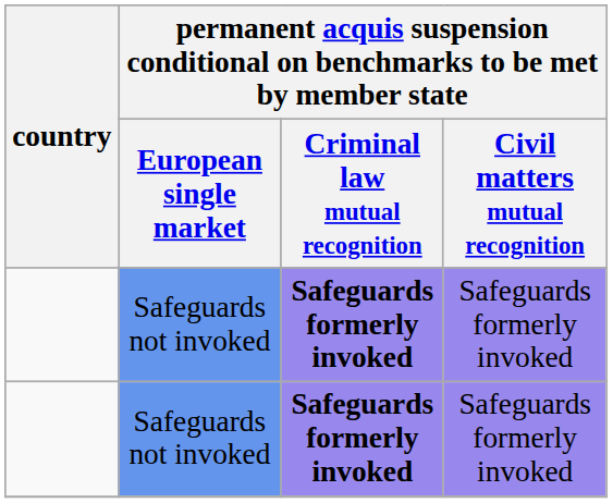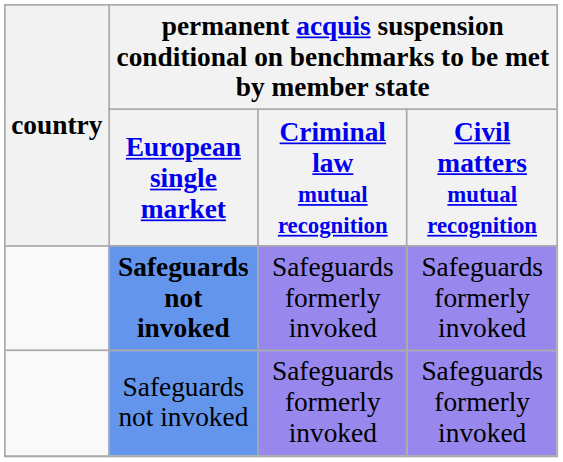 <table class="wikitable" style="text-align: center">
 <tr>
 <th rowspan="2">country</th>
 <th colspan="4">permanent <a href='#'>acquis</a> suspension conditional on benchmarks to be met by member state</th>
 </tr>
 <tr>
 <th width=80px><a href='#'>European single market</a></th>
 <th width=80px><a href='#'>Criminal law</a><br><small><a href='#'>mutual recognition</a></small></th>
 <th width=80px><a href='#'>Civil matters</a><br><small><a href='#'>mutual recognition</a></small></th>
 </tr>
 <tr>
 <td style="text-align: left"></td>
-<td style="background: #6495ED">Safeguards not invoked</td>
-<td style="background: #9888ED"><strong>Safeguards formerly invoked</strong></td>
+<td style="background: #6495ED"><strong>Safeguards not invoked</strong></td>
+<td style="background: #9888ED">Safeguards formerly invoked</td>
 <td style="background: #9888ED">Safeguards formerly invoked</td>
 </tr>
 <tr>
 <td style="text-align: left"></td>
 <td style="background: #6495ED">Safeguards not invoked</td>
-<td style="background: #9888ED"><strong>Safeguards formerly invoked</strong></td>
+<td style="background: #9888ED">Safeguards formerly invoked</td>
 <td style="background: #9888ED">Safeguards formerly invoked</td>
 </tr>
 <tr>
 </tr>
 </table>
